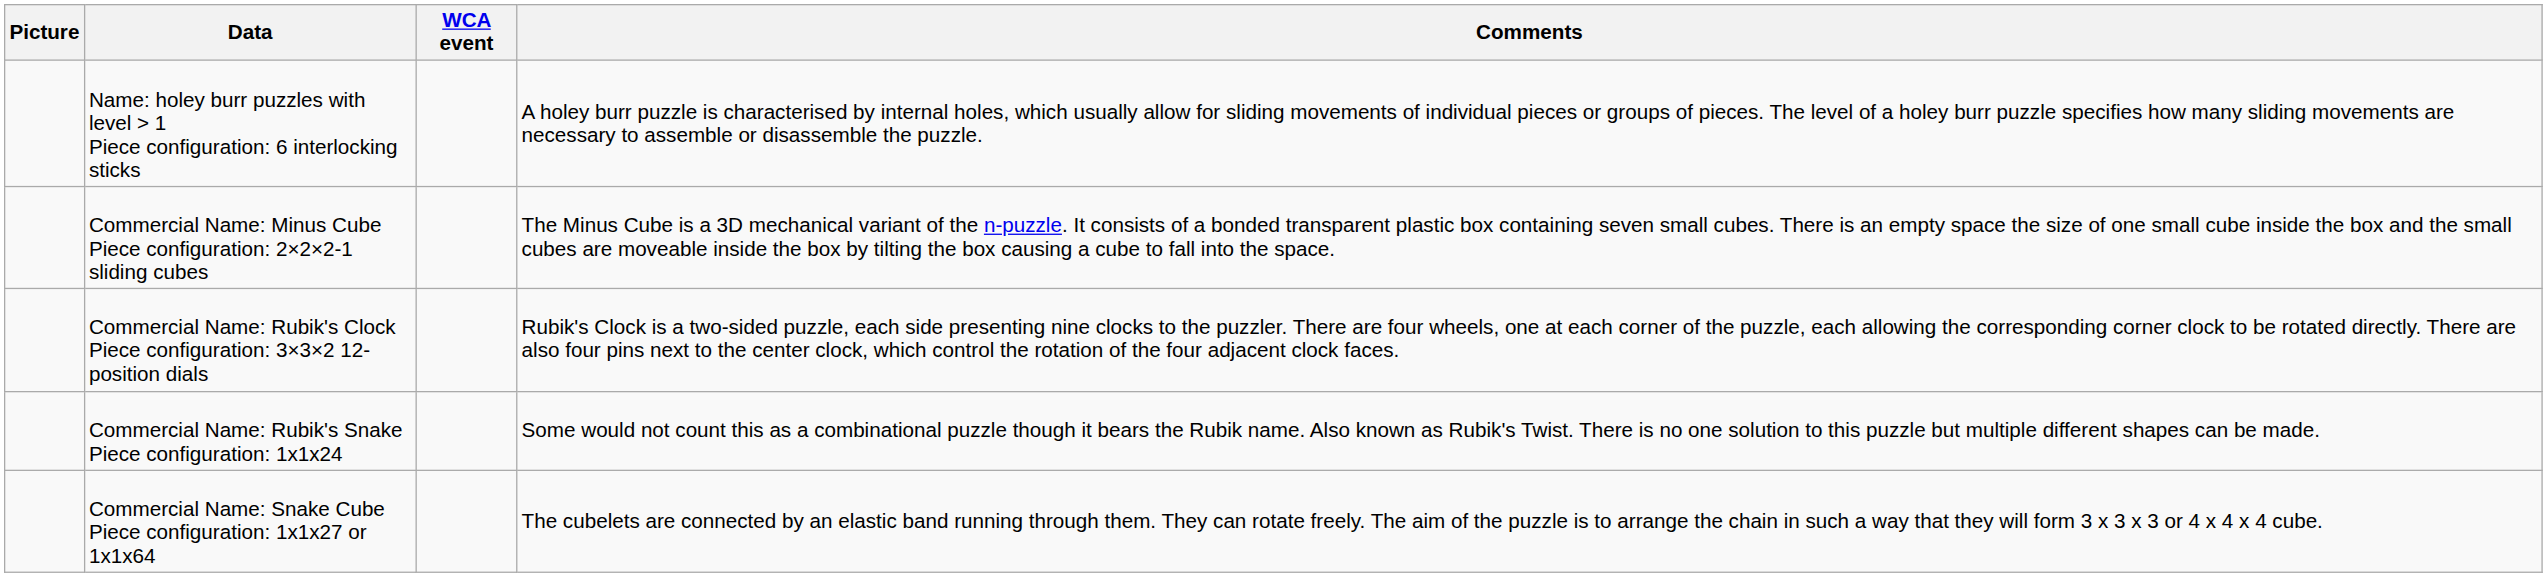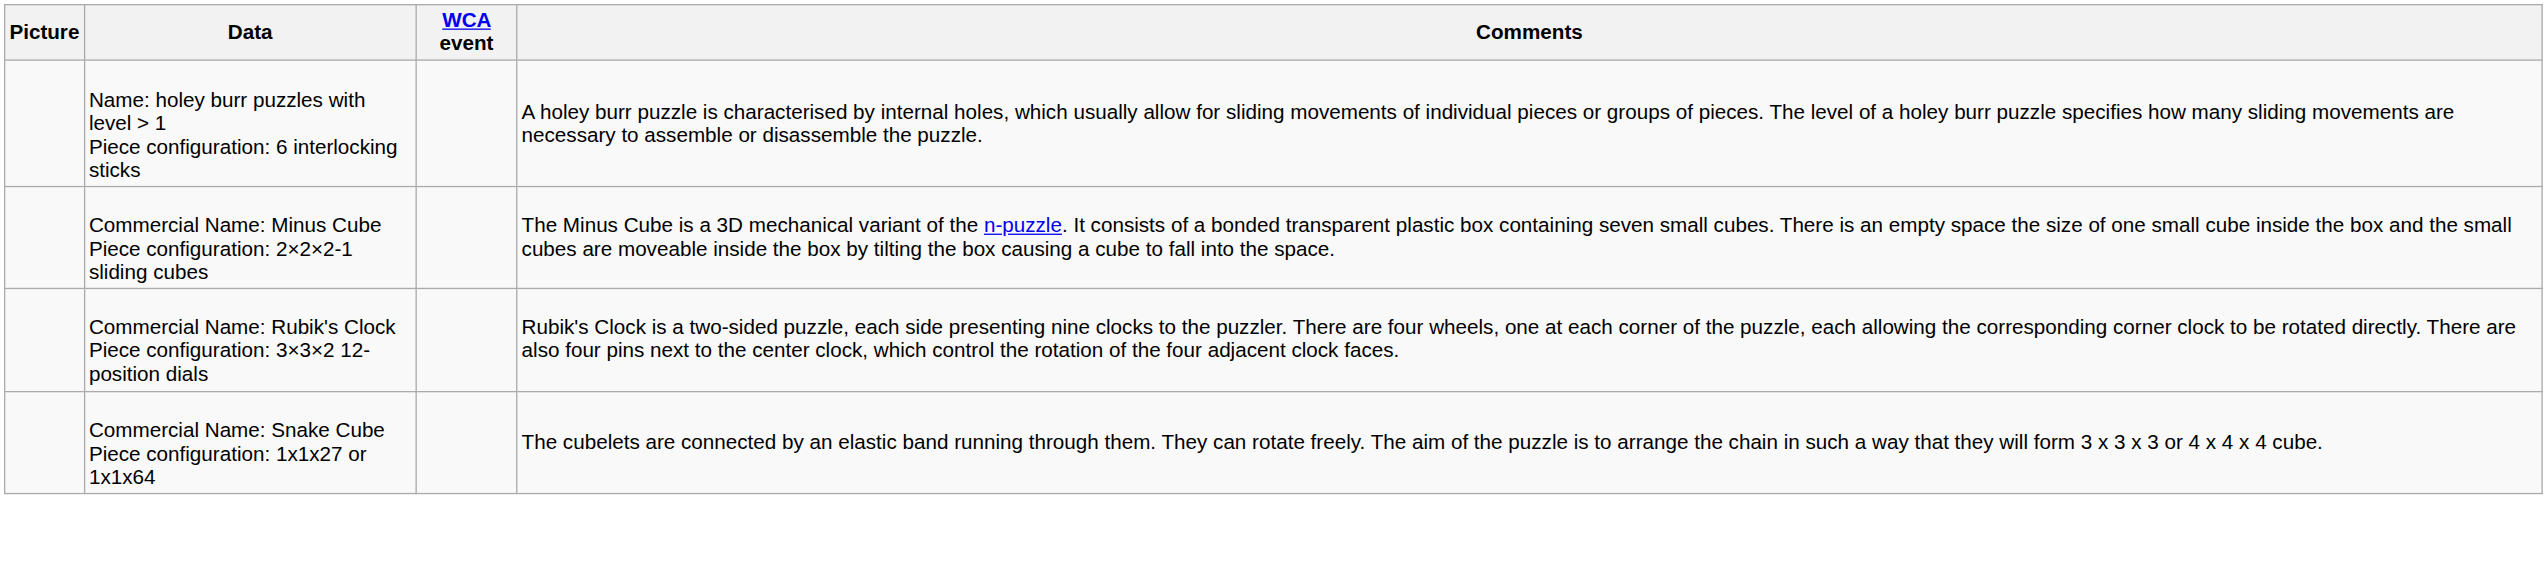 <table class="wikitable">
 <tr>
 <th>Picture</th>
 <th width="250">Data</th>
 <th><a href='#'>WCA</a> event</th>
 <th>Comments</th>
 </tr>
 <tr>
 <td></td>
 <td><br>Name: holey burr puzzles with level > 1<br> Piece configuration: 6 interlocking sticks<br> </td>
 <td></td>
 <td>A holey burr puzzle is characterised by internal holes, which usually allow for sliding movements of individual pieces or groups of pieces. The level of a holey burr puzzle specifies how many sliding movements are necessary to assemble or disassemble the puzzle.</td>
 </tr>
 <tr>
 <td></td>
 <td><br>Commercial Name: Minus Cube<br> Piece configuration: 2×2×2-1 sliding cubes<br> </td>
 <td></td>
 <td>The Minus Cube is a 3D mechanical variant of the <a href='#'>n-puzzle</a>. It consists of a bonded transparent plastic box containing seven small cubes. There is an empty space the size of one small cube inside the box and the small cubes are moveable inside the box by tilting the box causing a cube to fall into the space.</td>
 </tr>
 <tr>
 <td></td>
 <td><br>Commercial Name: Rubik's Clock<br> Piece configuration: 3×3×2 12-position dials<br> </td>
 <td></td>
 <td>Rubik's Clock is a two-sided puzzle, each side presenting nine clocks to the puzzler. There are four wheels, one at each corner of the puzzle, each allowing the corresponding corner clock to be rotated directly. There are also four pins next to the center clock, which control the rotation of the four adjacent clock faces.</td>
 </tr>
 <tr>
 <td></td>
-<td><br>Commercial Name: Rubik's Snake<br> Piece configuration: 1x1x24<br> </td>
-<td></td>
-<td>Some would not count this as a combinational puzzle though it bears the Rubik name. Also known as Rubik's Twist. There is no one solution to this puzzle but multiple different shapes can be made.</td>
-</tr>
-<tr>
-<td></td>
 <td><br>Commercial Name: Snake Cube<br> Piece configuration: 1x1x27 or 1x1x64<br> </td>
 <td></td>
 <td>The cubelets are connected by an elastic band running through them. They can rotate freely. The aim of the puzzle is to arrange the chain in such a way that they will form 3 x 3 x 3 or 4 x 4 x 4 cube.</td>
 </tr>
 </table>
